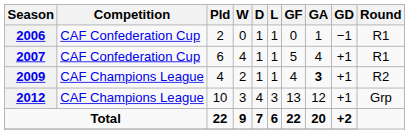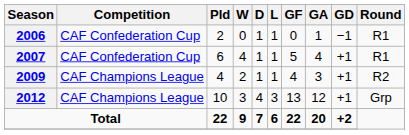 <table class="wikitable plainrowheaders sortable" style="text-align:center;">
 <tr>
 <th scope="col">Season</th>
 <th scope="col">Competition</th>
 <th scope="col">Pld</th>
 <th scope="col">W</th>
 <th scope="col">D</th>
 <th scope="col">L</th>
 <th scope="col">GF</th>
 <th scope="col">GA</th>
 <th scope="col">GD</th>
 <th scope="col">Round</th>
 </tr>
 <tr>
 <th scope="row" style="text-align:center"><a href='#'>2006</a></th>
 <td align=left><a href='#'>CAF Confederation Cup</a></td>
 <td>2</td>
 <td>0</td>
 <td>1</td>
 <td>1</td>
 <td>0</td>
 <td>1</td>
 <td>−1</td>
 <td>R1</td>
 </tr>
 <tr>
 <th scope="row" style="text-align:center"><a href='#'>2007</a></th>
 <td align=left><a href='#'>CAF Confederation Cup</a></td>
 <td>6</td>
 <td>4</td>
 <td>1</td>
 <td>1</td>
 <td>5</td>
 <td>4</td>
 <td>+1</td>
 <td>R1</td>
 </tr>
 <tr>
 <th scope="row" style="text-align:center"><a href='#'>2009</a></th>
 <td align=left><a href='#'>CAF Champions League</a></td>
 <td>4</td>
 <td>2</td>
 <td>1</td>
 <td>1</td>
 <td>4</td>
-<td><strong>3</strong></td>
+<td>3</td>
 <td>+1</td>
 <td>R2</td>
 </tr>
 <tr>
 <th scope="row" style="text-align:center"><a href='#'>2012</a></th>
 <td align=left><a href='#'>CAF Champions League</a></td>
 <td>10</td>
 <td>3</td>
 <td>4</td>
 <td>3</td>
 <td>13</td>
 <td>12</td>
 <td>+1</td>
 <td>Grp</td>
 </tr>
 <tr>
 <td colspan=2 align-"center"><strong>Total</strong></td>
 <td><strong>22</strong></td>
 <td><strong>9</strong></td>
 <td><strong>7</strong></td>
 <td><strong>6</strong></td>
 <td><strong>22</strong></td>
 <td><strong>20</strong></td>
 <td><strong>+2</strong></td>
 </tr>
 <tr>
 </tr>
 </table>
